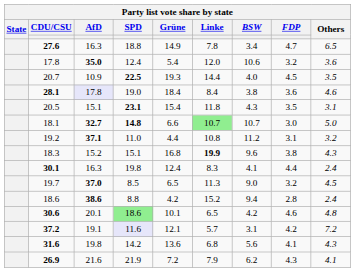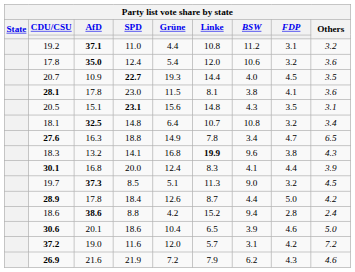 <table class="wikitable sortable" style="text-align:center; font-size: 0.9em;">
 <tr>
 <th colspan="9">Party list vote share by state</th>
 </tr>
 <tr>
 <th class="wikitable sortable" rowspan="2"><a href='#'>State</a></th>
 <th class="wikitable sortable" style="width:55px;"><a href='#'>CDU/CSU</a></th>
 <th class="wikitable sortable" style="width:55px;"><a href='#'>AfD</a></th>
 <th class="wikitable sortable" style="width:55px;"><a href='#'>SPD</a></th>
 <th class="wikitable sortable" style="width:55px;"><a href='#'>Grüne</a></th>
 <th class="wikitable sortable" style="width:55px;"><a href='#'>Linke</a></th>
 <th class="wikitable sortable" style="width:55px;"><em><a href='#'>BSW</a></em></th>
 <th class="wikitable sortable" style="width:55px;"><em><a href='#'>FDP</a></em></th>
 <th class="wikitable sortable" style="width:55px;" rowspan="2">Others</th>
 </tr>
 <tr>
 <th style="background:"></th>
 <th style="background:"></th>
 <th style="background:"></th>
 <th style="background:"></th>
 <th style="background:"></th>
 <th style="background:"></th>
 <th style="background:"></th>
 </tr>
 <tr>
 <th style="text-align: left;"></th>
-<td><strong>27.6</strong></td>
-<td>16.3</td>
-<td>18.8</td>
-<td>14.9</td>
-<td>7.8</td>
-<td>3.4</td>
-<td>4.7</td>
-<td><em>6.5</em></td>
+<td>19.2</td>
+<td><strong>37.1</strong></td>
+<td>11.0</td>
+<td>4.4</td>
+<td>10.8</td>
+<td>11.2</td>
+<td>3.1</td>
+<td><em>3.2</em></td>
 </tr>
 <tr>
 <th style="text-align: left;"></th>
 <td>17.8</td>
 <td><strong>35.0</strong></td>
 <td>12.4</td>
 <td>5.4</td>
 <td>12.0</td>
 <td>10.6</td>
 <td>3.2</td>
 <td><em>3.6</em></td>
 </tr>
 <tr>
 <th style="text-align: left;"></th>
 <td>20.7</td>
 <td>10.9</td>
-<td><strong>22.5</strong></td>
+<td><strong>22.7</strong></td>
 <td>19.3</td>
 <td>14.4</td>
 <td>4.0</td>
 <td>4.5</td>
 <td><em>3.5</em></td>
 </tr>
 <tr>
 <th style="text-align: left;"></th>
 <td><strong>28.1</strong></td>
-<td style="background: lavender;">17.8</td>
-<td>19.0</td>
-<td>18.4</td>
-<td>8.4</td>
+<td>17.8</td>
+<td>23.0</td>
+<td>11.5</td>
+<td>8.1</td>
 <td>3.8</td>
-<td>3.6</td>
-<td><em>4.6</em></td>
+<td>4.1</td>
+<td><em>3.6</em></td>
 </tr>
 <tr>
 <th style="text-align: left;"></th>
 <td>20.5</td>
 <td>15.1</td>
 <td><strong>23.1</strong></td>
-<td>15.4</td>
-<td>11.8</td>
+<td>15.6</td>
+<td>14.8</td>
 <td>4.3</td>
 <td>3.5</td>
 <td><em>3.1</em></td>
 </tr>
 <tr>
 <th style="text-align: left;"></th>
 <td>18.1</td>
-<td><strong>32.7</strong></td>
-<td><strong>14.8</strong></td>
-<td>6.6</td>
-<td style="background: lightgreen;">10.7</td>
+<td><strong>32.5</strong></td>
+<td>14.8</td>
+<td>6.4</td>
 <td>10.7</td>
-<td>3.0</td>
-<td><em>5.0</em></td>
+<td>10.8</td>
+<td>3.2</td>
+<td><em>3.4</em></td>
 </tr>
 <tr>
 <th style="text-align: left;"></th>
-<td>19.2</td>
-<td><strong>37.1</strong></td>
-<td>11.0</td>
-<td>4.4</td>
-<td>10.8</td>
-<td>11.2</td>
-<td>3.1</td>
-<td><em>3.2</em></td>
+<td><strong>27.6</strong></td>
+<td>16.3</td>
+<td>18.8</td>
+<td>14.9</td>
+<td>7.8</td>
+<td>3.4</td>
+<td>4.7</td>
+<td><em>6.5</em></td>
 </tr>
 <tr>
 <th style="text-align: left;"></th>
 <td>18.3</td>
-<td>15.2</td>
-<td>15.1</td>
+<td>13.2</td>
+<td>14.1</td>
 <td>16.8</td>
 <td><strong>19.9</strong></td>
 <td>9.6</td>
 <td>3.8</td>
 <td><em>4.3</em></td>
 </tr>
 <tr>
 <th style="text-align: left;"></th>
 <td><strong>30.1</strong></td>
-<td>16.3</td>
-<td>19.8</td>
+<td>16.8</td>
+<td>20.0</td>
 <td>12.4</td>
 <td>8.3</td>
 <td>4.1</td>
 <td>4.4</td>
-<td><em>2.4</em></td>
+<td><em>3.9</em></td>
 </tr>
 <tr>
 <th style="text-align: left;"></th>
 <td>19.7</td>
-<td><strong>37.0</strong></td>
+<td><strong>37.3</strong></td>
 <td>8.5</td>
-<td>6.5</td>
+<td>5.1</td>
 <td>11.3</td>
 <td>9.0</td>
 <td>3.2</td>
 <td><em>4.5</em></td>
+</tr>
+<tr>
+<th style="text-align: left;"></th>
+<td><strong>28.9</strong></td>
+<td>17.8</td>
+<td>18.4</td>
+<td>12.6</td>
+<td>8.7</td>
+<td>4.4</td>
+<td>5.0</td>
+<td><em>4.2</em></td>
 </tr>
 <tr>
 <th style="text-align: left;"></th>
 <td>18.6</td>
 <td><strong>38.6</strong></td>
 <td>8.8</td>
 <td>4.2</td>
 <td>15.2</td>
 <td>9.4</td>
 <td>2.8</td>
 <td><em>2.4</em></td>
 </tr>
 <tr>
 <th style="text-align: left;"></th>
 <td><strong>30.6</strong></td>
 <td>20.1</td>
-<td style="background: lightgreen;">18.6</td>
-<td>10.1</td>
+<td>18.6</td>
+<td>10.4</td>
 <td>6.5</td>
-<td>4.2</td>
+<td>3.9</td>
 <td>4.6</td>
-<td><em>4.8</em></td>
+<td><em>5.0</em></td>
 </tr>
 <tr>
 <th style="text-align: left;"></th>
 <td><strong>37.2</strong></td>
-<td>19.1</td>
-<td style="background: lavender;">11.6</td>
-<td>12.1</td>
+<td>19.0</td>
+<td>11.6</td>
+<td>12.0</td>
 <td>5.7</td>
 <td>3.1</td>
 <td>4.2</td>
 <td><em>7.2</em></td>
-</tr>
-<tr>
-<th style="text-align: left;"></th>
-<td><strong>31.6</strong></td>
-<td>19.8</td>
-<td>14.2</td>
-<td>13.6</td>
-<td>6.8</td>
-<td>5.6</td>
-<td>4.1</td>
-<td><em>4.3</em></td>
 </tr>
 <tr>
 <th style="text-align: left;"></th>
 <td><strong>26.9</strong></td>
 <td>21.6</td>
 <td>21.9</td>
 <td>7.2</td>
 <td>7.9</td>
 <td>6.2</td>
 <td>4.3</td>
-<td><em>4.1</em></td>
+<td><em>4.6</em></td>
 </tr>
 </table>
